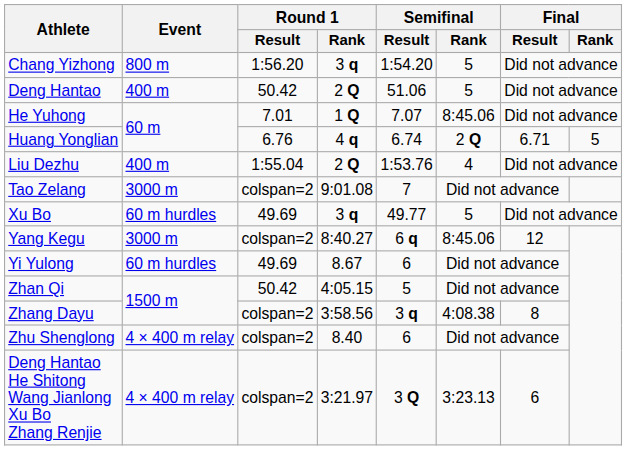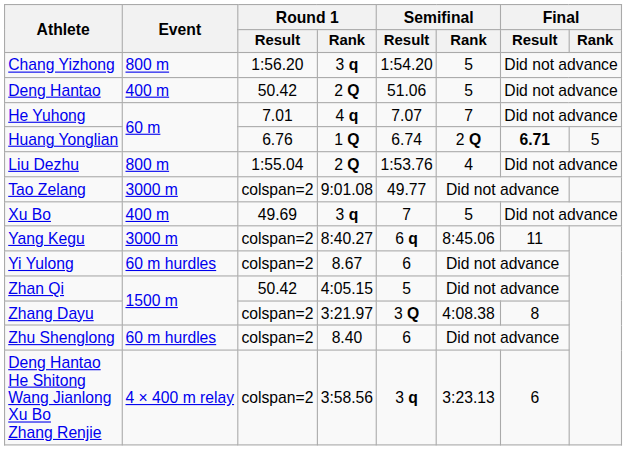 <table class="wikitable" style="font-size:90%">
 <tr>
 <th rowspan="2">Athlete</th>
 <th rowspan="2">Event</th>
 <th colspan="2">Round 1</th>
 <th colspan="2">Semifinal</th>
 <th colspan="2">Final</th>
 </tr>
 <tr style="font-size:95%">
 <th>Result</th>
 <th>Rank</th>
 <th>Result</th>
 <th>Rank</th>
 <th>Result</th>
 <th>Rank</th>
 </tr>
 <tr align=center>
 <td align=left><a href='#'>Chang Yizhong</a></td>
 <td align=left rowspan=1><a href='#'>800 m</a></td>
 <td>1:56.20</td>
 <td>3 <strong>q</strong></td>
 <td>1:54.20</td>
 <td>5</td>
 <td colspan=2>Did not advance</td>
 </tr>
 <tr align=center>
 <td align=left><a href='#'>Deng Hantao</a></td>
 <td align=left rowspan=1><a href='#'>400 m</a></td>
 <td>50.42</td>
 <td>2 <strong>Q</strong></td>
 <td>51.06</td>
 <td>5</td>
 <td colspan=2>Did not advance</td>
 </tr>
 <tr align=center>
 <td align=left><a href='#'>He Yuhong</a></td>
 <td align=left rowspan=2><a href='#'>60 m</a></td>
 <td>7.01</td>
-<td>1 <strong>Q</strong></td>
+<td>4 <strong>q</strong></td>
 <td>7.07</td>
-<td>8:45.06</td>
+<td>7</td>
 <td colspan=2>Did not advance</td>
 </tr>
 <tr align=center>
 <td align=left><a href='#'>Huang Yonglian</a></td>
 <td>6.76</td>
-<td>4 <strong>q</strong></td>
+<td>1 <strong>Q</strong></td>
 <td>6.74</td>
 <td>2 <strong>Q</strong></td>
-<td>6.71</td>
+<td><strong>6.71</strong></td>
 <td>5</td>
 </tr>
 <tr align=center>
 <td align=left><a href='#'>Liu Dezhu</a></td>
-<td align=left rowspan=1><a href='#'>400 m</a></td>
+<td align=left rowspan=1><a href='#'>800 m</a></td>
 <td>1:55.04</td>
 <td>2 <strong>Q</strong></td>
 <td>1:53.76</td>
 <td>4</td>
 <td colspan=2>Did not advance</td>
 </tr>
 <tr align=center>
 <td align=left><a href='#'>Tao Zelang</a></td>
 <td align=left rowspan=1><a href='#'>3000 m</a></td>
 <td>colspan=2 </td>
 <td>9:01.08</td>
-<td>7</td>
+<td>49.77</td>
 <td colspan=2>Did not advance</td>
 </tr>
 <tr align=center>
 <td align=left><a href='#'>Xu Bo</a></td>
-<td align=left rowspan=1><a href='#'>60 m hurdles</a></td>
+<td align=left rowspan=1><a href='#'>400 m</a></td>
 <td>49.69</td>
 <td>3 <strong>q</strong></td>
-<td>49.77</td>
+<td>7</td>
 <td>5</td>
 <td colspan=2>Did not advance</td>
 </tr>
 <tr align=center>
 <td align=left><a href='#'>Yang Kegu</a></td>
 <td align=left rowspan=1><a href='#'>3000 m</a></td>
 <td>colspan=2 </td>
 <td>8:40.27</td>
 <td>6 <strong>q</strong></td>
 <td>8:45.06</td>
-<td>12</td>
+<td>11</td>
 </tr>
 <tr align=center>
 <td align=left><a href='#'>Yi Yulong</a></td>
 <td align=left rowspan=1><a href='#'>60 m hurdles</a></td>
-<td>49.69</td>
+<td>colspan=2 </td>
 <td>8.67</td>
 <td>6</td>
 <td colspan=2>Did not advance</td>
 </tr>
 <tr align=center>
 <td align=left><a href='#'>Zhan Qi</a></td>
 <td align=left rowspan=2><a href='#'>1500 m</a></td>
 <td>50.42</td>
 <td>4:05.15</td>
 <td>5</td>
 <td colspan=2>Did not advance</td>
 </tr>
 <tr align=center>
 <td align=left><a href='#'>Zhang Dayu</a></td>
 <td>colspan=2 </td>
-<td>3:58.56</td>
-<td>3 <strong>q</strong></td>
+<td>3:21.97</td>
+<td>3 <strong>Q</strong></td>
 <td>4:08.38</td>
 <td>8</td>
 </tr>
 <tr align=center>
 <td align=left><a href='#'>Zhu Shenglong</a></td>
-<td align=left><a href='#'>4 × 400 m relay</a></td>
+<td align=left rowspan=1><a href='#'>60 m hurdles</a></td>
 <td>colspan=2 </td>
 <td>8.40</td>
 <td>6</td>
 <td colspan=2>Did not advance</td>
 </tr>
 <tr align=center>
 <td align=left><a href='#'>Deng Hantao</a><br><a href='#'>He Shitong</a><br><a href='#'>Wang Jianlong</a><br><a href='#'>Xu Bo</a><br><a href='#'>Zhang Renjie</a></td>
 <td align=left><a href='#'>4 × 400 m relay</a></td>
 <td>colspan=2 </td>
-<td>3:21.97</td>
-<td>3 <strong>Q</strong></td>
+<td>3:58.56</td>
+<td>3 <strong>q</strong></td>
 <td>3:23.13</td>
 <td>6</td>
 </tr>
 </table>
